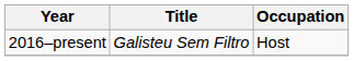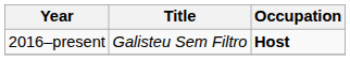 <table class="wikitable">
 <tr>
 <th>Year</th>
 <th>Title</th>
 <th>Occupation</th>
 </tr>
 <tr>
 <td>2016–present</td>
 <td><em>Galisteu Sem Filtro</em></td>
-<td>Host</td>
+<td><strong>Host</strong></td>
 </tr>
 <tr>
 </tr>
 </table>
